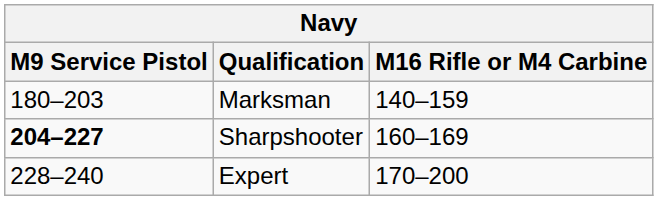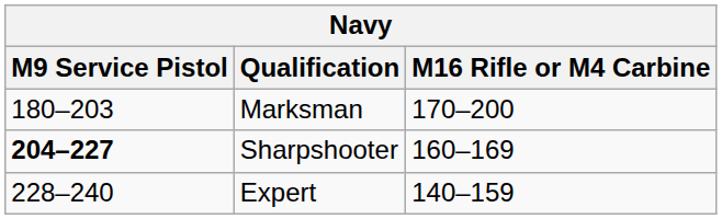 <table class="wikitable">
 <tr>
 <th colspan="3">Navy</th>
 </tr>
 <tr>
 <th>M9 Service Pistol</th>
 <th>Qualification</th>
 <th>M16 Rifle or M4 Carbine</th>
 </tr>
 <tr>
 <td>180–203</td>
 <td>Marksman</td>
-<td>140–159</td>
+<td>170–200</td>
 </tr>
 <tr>
 <td><strong>204–227</strong></td>
 <td>Sharpshooter</td>
 <td>160–169</td>
 </tr>
 <tr>
 <td>228–240</td>
 <td>Expert</td>
-<td>170–200</td>
+<td>140–159</td>
 </tr>
 </table>
